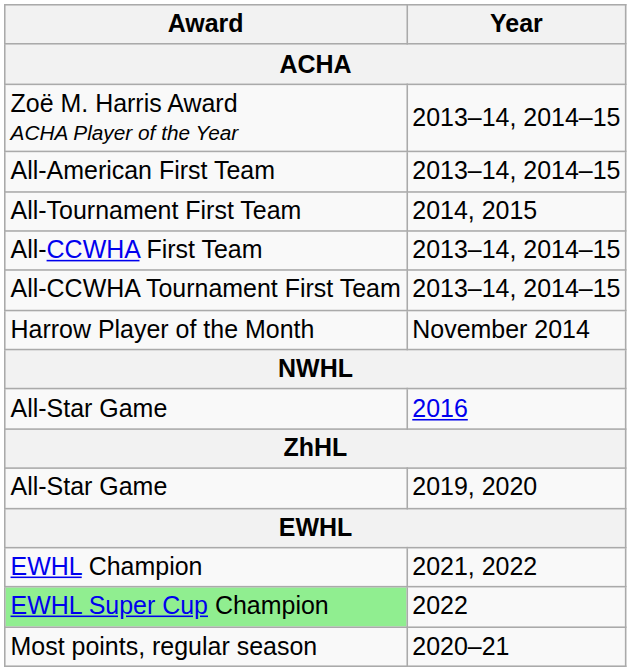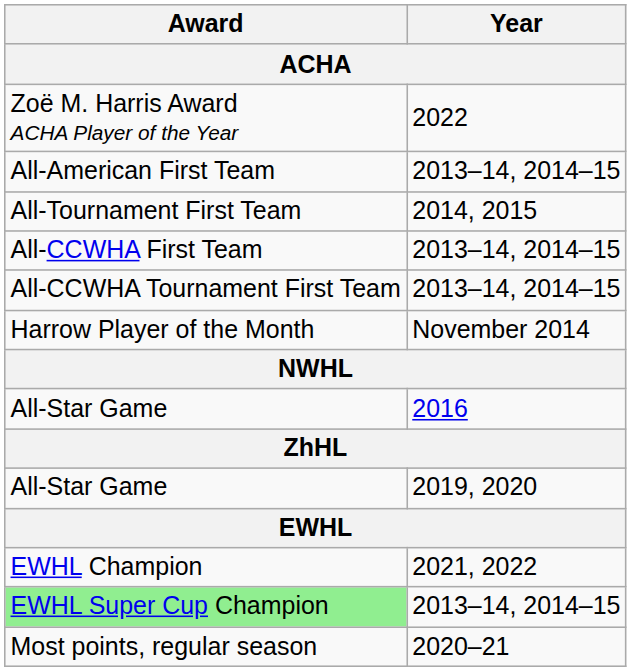 <table class="wikitable">
 <tr>
 <th scope="col">Award</th>
 <th scope="col">Year</th>
 </tr>
 <tr>
 <th colspan="2">ACHA</th>
 </tr>
 <tr>
 <td>Zoë M. Harris Award<br><small><em>ACHA Player of the Year</em></small></td>
-<td>2013–14, 2014–15</td>
+<td>2022</td>
 </tr>
 <tr>
 <td>All-American First Team</td>
 <td>2013–14, 2014–15</td>
 </tr>
 <tr>
 <td>All-Tournament First Team</td>
 <td>2014, 2015</td>
 </tr>
 <tr>
 <td>All-<a href='#'>CCWHA</a> First Team</td>
 <td>2013–14, 2014–15</td>
 </tr>
 <tr>
 <td>All-CCWHA Tournament First Team</td>
 <td>2013–14, 2014–15</td>
 </tr>
 <tr>
 <td>Harrow Player of the Month</td>
 <td>November 2014</td>
 </tr>
 <tr>
 <th colspan="2">NWHL</th>
 </tr>
 <tr>
 <td>All-Star Game</td>
 <td><a href='#'>2016</a></td>
 </tr>
 <tr>
 <th colspan="2">ZhHL</th>
 </tr>
 <tr>
 <td>All-Star Game</td>
 <td>2019, 2020</td>
 </tr>
 <tr>
 <th colspan="2">EWHL</th>
 </tr>
 <tr>
 <td><a href='#'>EWHL</a> Champion</td>
 <td>2021, 2022</td>
 </tr>
 <tr>
 <td style="background: lightgreen;"><a href='#'>EWHL Super Cup</a> Champion</td>
-<td>2022</td>
+<td>2013–14, 2014–15</td>
 </tr>
 <tr>
 <td>Most points, regular season</td>
 <td>2020–21</td>
 </tr>
 </table>
